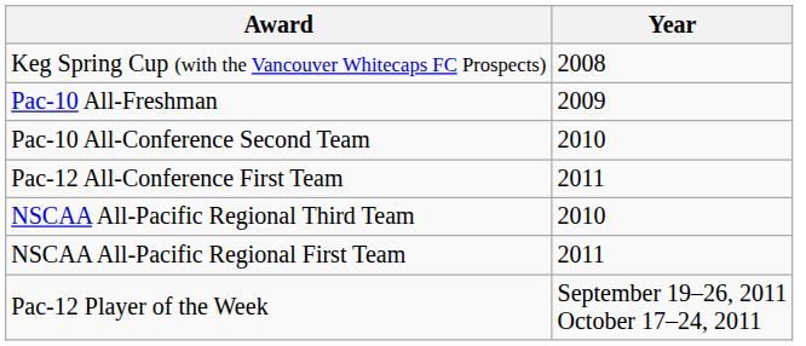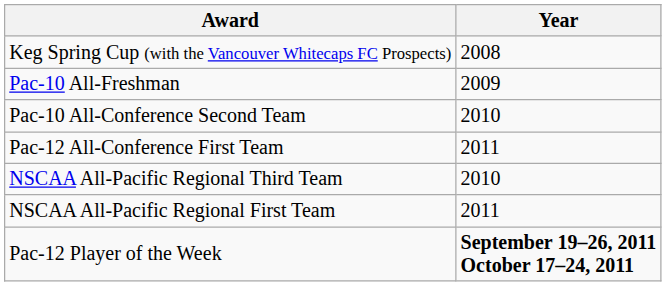 <table class="wikitable" border="1">
 <tr>
 <th>Award</th>
 <th>Year</th>
 </tr>
 <tr>
 <td>Keg Spring Cup <small>(with the <a href='#'>Vancouver Whitecaps FC</a> Prospects)</small></td>
 <td>2008</td>
 </tr>
 <tr>
 <td><a href='#'>Pac-10</a> All-Freshman</td>
 <td>2009</td>
 </tr>
 <tr>
 <td>Pac-10 All-Conference Second Team</td>
 <td>2010</td>
 </tr>
 <tr>
 <td>Pac-12 All-Conference First Team</td>
 <td>2011</td>
 </tr>
 <tr>
 <td><a href='#'>NSCAA</a> All-Pacific Regional Third Team</td>
 <td>2010</td>
 </tr>
 <tr>
 <td>NSCAA All-Pacific Regional First Team</td>
 <td>2011</td>
 </tr>
 <tr>
 <td>Pac-12 Player of the Week</td>
-<td>September 19–26, 2011<br>October 17–24, 2011</td>
+<td><strong>September 19–26, 2011<br>October 17–24, 2011</strong></td>
 </tr>
 </table>
